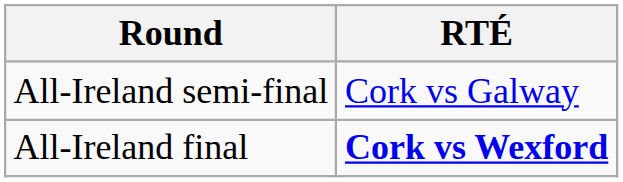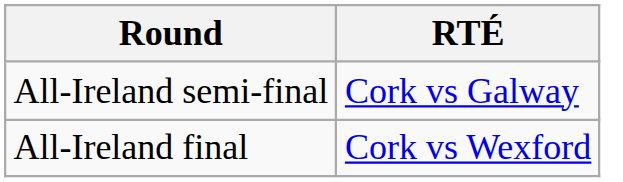 <table class="wikitable">
 <tr>
 <th>Round</th>
 <th>RTÉ</th>
 </tr>
 <tr>
 <td>All-Ireland semi-final</td>
 <td><a href='#'>Cork vs Galway</a></td>
 </tr>
 <tr>
 <td>All-Ireland final</td>
-<td><strong><a href='#'>Cork vs Wexford</a></strong></td>
+<td><a href='#'>Cork vs Wexford</a></td>
 </tr>
 </table>
